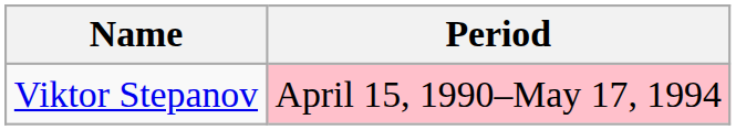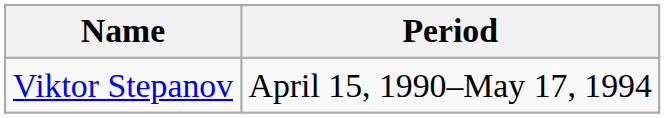 <table class="wikitable">
 <tr>
 <th>Name</th>
 <th>Period</th>
 </tr>
 <tr>
 <td><a href='#'>Viktor Stepanov</a></td>
-<td style="background: pink;">April 15, 1990–May 17, 1994</td>
+<td>April 15, 1990–May 17, 1994</td>
 </tr>
 </table>
